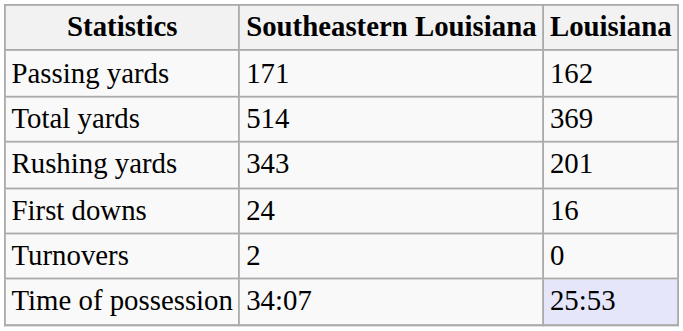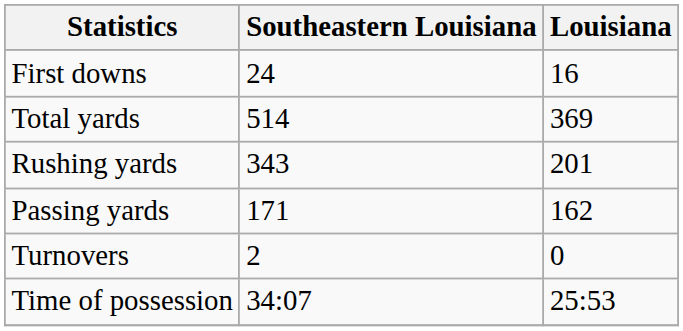 <table class="wikitable">
 <tr>
 <th>Statistics</th>
 <th>Southeastern Louisiana</th>
 <th>Louisiana</th>
 </tr>
 <tr>
-<td>Passing yards</td>
-<td>171</td>
-<td>162</td>
+<td>First downs</td>
+<td>24</td>
+<td>16</td>
 </tr>
 <tr>
 <td>Total yards</td>
 <td>514</td>
 <td>369</td>
 </tr>
 <tr>
 <td>Rushing yards</td>
 <td>343</td>
 <td>201</td>
 </tr>
 <tr>
-<td>First downs</td>
-<td>24</td>
-<td>16</td>
+<td>Passing yards</td>
+<td>171</td>
+<td>162</td>
 </tr>
 <tr>
 <td>Turnovers</td>
 <td>2</td>
 <td>0</td>
 </tr>
 <tr>
 <td>Time of possession</td>
 <td>34:07</td>
-<td style="background: lavender;">25:53</td>
+<td>25:53</td>
 </tr>
 <tr>
 </tr>
 </table>
